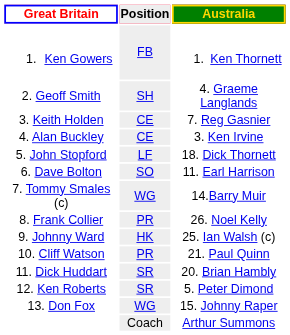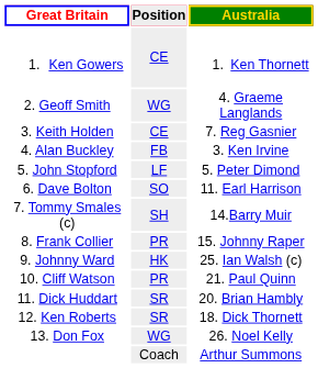 <table align=right style="font-size:90%; margin-left:1em">
 <tr bgcolor=#FF0033>
 <th align="centre" width="126" style="border: 2px solid blue; background: white; color: red">Great Britain</th>
 <th align="center" style="background: #eeeeee; color: black">Position</th>
 <th align="centre" width="126" style="border: 2px solid gold; background: green; color: gold">Australia</th>
 </tr>
 <tr>
 <td align="center"><br><ol><li><a href='#'>Ken Gowers</a></li></ol></td>
-<td align="center" style="background: #eeeeee"><a href='#'>FB</a></td>
+<td align="center" style="background: #eeeeee"><a href='#'>CE</a></td>
 <td align="center"><br><ol><li><a href='#'>Ken Thornett</a></li></ol></td>
 </tr>
 <tr>
 <td align="center">2. <a href='#'>Geoff Smith</a></td>
-<td align="center" style="background: #eeeeee"><a href='#'>SH</a></td>
+<td align="center" style="background: #eeeeee"><a href='#'>WG</a></td>
 <td align="center">4. <a href='#'>Graeme Langlands</a></td>
 </tr>
 <tr>
 <td align="center">3. <a href='#'>Keith Holden</a></td>
 <td align="center" style="background: #eeeeee"><a href='#'>CE</a></td>
 <td align="center">7. <a href='#'>Reg Gasnier</a></td>
 </tr>
 <tr>
 <td align="center">4. <a href='#'>Alan Buckley</a></td>
-<td align="center" style="background: #eeeeee"><a href='#'>CE</a></td>
+<td align="center" style="background: #eeeeee"><a href='#'>FB</a></td>
 <td align="center">3. <a href='#'>Ken Irvine</a></td>
 </tr>
 <tr>
 <td align="center">5. <a href='#'>John Stopford</a></td>
 <td align="center" style="background: #eeeeee"><a href='#'>LF</a></td>
-<td align="center">18. <a href='#'>Dick Thornett</a></td>
+<td align="center">5. <a href='#'>Peter Dimond</a></td>
 </tr>
 <tr>
 <td align="center">6. <a href='#'>Dave Bolton</a></td>
 <td align="center" style="background: #eeeeee"><a href='#'>SO</a></td>
 <td align="center">11. <a href='#'>Earl Harrison</a></td>
 </tr>
 <tr>
 <td align="center">7. <a href='#'>Tommy Smales</a> (c)</td>
-<td align="center" style="background: #eeeeee"><a href='#'>WG</a></td>
+<td align="center" style="background: #eeeeee"><a href='#'>SH</a></td>
 <td align="center">14.<a href='#'>Barry Muir</a></td>
 </tr>
 <tr>
 <td align="center">8. <a href='#'>Frank Collier</a></td>
 <td align="center" style="background: #eeeeee"><a href='#'>PR</a></td>
-<td align="center">26. <a href='#'>Noel Kelly</a></td>
+<td align="center">15. <a href='#'>Johnny Raper</a></td>
 </tr>
 <tr>
 <td align="center">9. <a href='#'>Johnny Ward</a></td>
 <td align="center" style="background: #eeeeee"><a href='#'>HK</a></td>
 <td align="center">25. <a href='#'>Ian Walsh</a> (c)</td>
 </tr>
 <tr>
 <td align="center">10. <a href='#'>Cliff Watson</a></td>
 <td align="center" style="background: #eeeeee"><a href='#'>PR</a></td>
 <td align="center">21. <a href='#'>Paul Quinn</a></td>
 </tr>
 <tr>
 <td align="center">11. <a href='#'>Dick Huddart</a></td>
 <td align="center" style="background: #eeeeee"><a href='#'>SR</a></td>
 <td align="center">20. <a href='#'>Brian Hambly</a></td>
 </tr>
 <tr>
 <td align="center">12. <a href='#'>Ken Roberts</a></td>
 <td align="center" style="background: #eeeeee"><a href='#'>SR</a></td>
-<td align="center">5. <a href='#'>Peter Dimond</a></td>
+<td align="center">18. <a href='#'>Dick Thornett</a></td>
 </tr>
 <tr>
 <td align="center">13. <a href='#'>Don Fox</a></td>
 <td align="center" style="background: #eeeeee"><a href='#'>WG</a></td>
-<td align="center">15. <a href='#'>Johnny Raper</a></td>
+<td align="center">26. <a href='#'>Noel Kelly</a></td>
 </tr>
 <tr>
 <td align="center"></td>
 <td align="center" style="background: #eeeeee">Coach</td>
 <td align="center"><a href='#'>Arthur Summons</a></td>
 </tr>
 </table>
